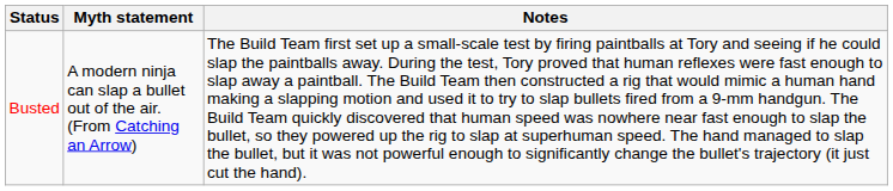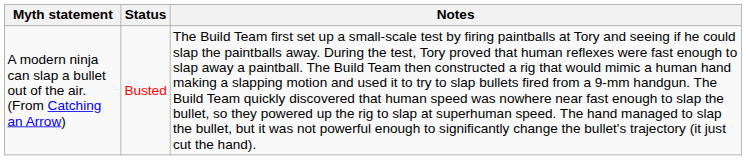 <table class="wikitable plainrowheaders">
 <tr>
+<th>Myth statement</th>
 <th>Status</th>
-<th>Myth statement</th>
 <th>Notes</th>
 </tr>
 <tr>
+<td>A modern ninja can slap a bullet out of the air. (From <a href='#'>Catching an Arrow</a>)</td>
 <td style="color:Red">Busted</td>
-<td>A modern ninja can slap a bullet out of the air. (From <a href='#'>Catching an Arrow</a>)</td>
 <td>The Build Team first set up a small-scale test by firing paintballs at Tory and seeing if he could slap the paintballs away. During the test, Tory proved that human reflexes were fast enough to slap away a paintball. The Build Team then constructed a rig that would mimic a human hand making a slapping motion and used it to try to slap bullets fired from a 9-mm handgun. The Build Team quickly discovered that human speed was nowhere near fast enough to slap the bullet, so they powered up the rig to slap at superhuman speed. The hand managed to slap the bullet, but it was not powerful enough to significantly change the bullet's trajectory (it just cut the hand).</td>
 </tr>
 </table>
